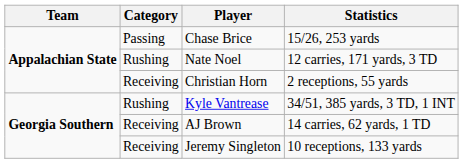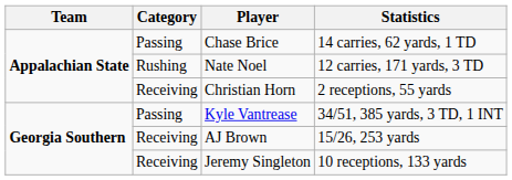 <table class="wikitable" style="float: right;">
 <tr>
 <th>Team</th>
 <th>Category</th>
 <th>Player</th>
 <th>Statistics</th>
 </tr>
 <tr>
 <td rowspan=3><strong>Appalachian State</strong></td>
 <td>Passing</td>
 <td>Chase Brice</td>
-<td>15/26, 253 yards</td>
+<td>14 carries, 62 yards, 1 TD</td>
 </tr>
 <tr>
 <td>Rushing</td>
 <td>Nate Noel</td>
 <td>12 carries, 171 yards, 3 TD</td>
 </tr>
 <tr>
 <td>Receiving</td>
 <td>Christian Horn</td>
 <td>2 receptions, 55 yards</td>
 </tr>
 <tr>
 <td rowspan=3><strong>Georgia Southern</strong></td>
-<td>Rushing</td>
+<td>Passing</td>
 <td><a href='#'>Kyle Vantrease</a></td>
 <td>34/51, 385 yards, 3 TD, 1 INT</td>
 </tr>
 <tr>
 <td>Receiving</td>
 <td>AJ Brown</td>
-<td>14 carries, 62 yards, 1 TD</td>
+<td>15/26, 253 yards</td>
 </tr>
 <tr>
 <td>Receiving</td>
 <td>Jeremy Singleton</td>
 <td>10 receptions, 133 yards</td>
 </tr>
 </table>
